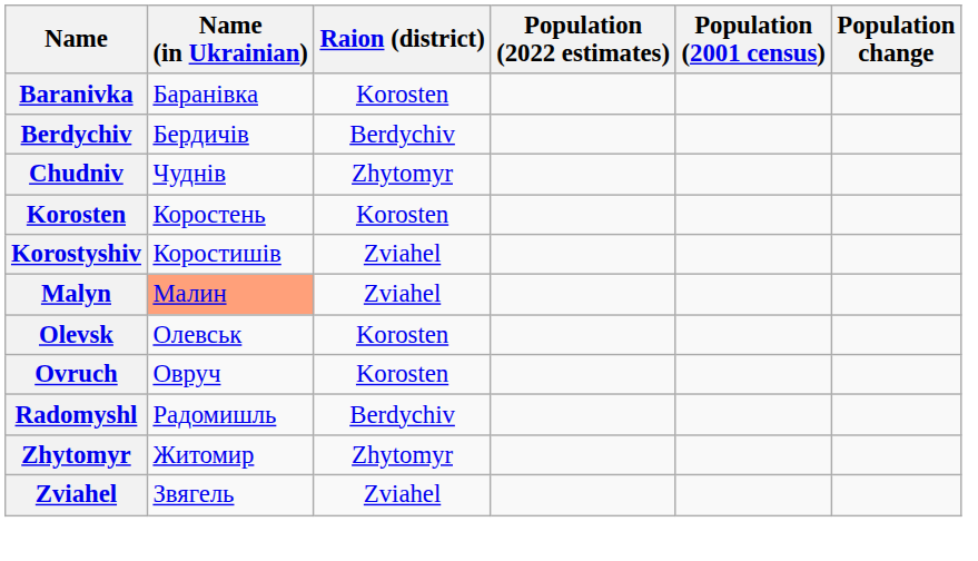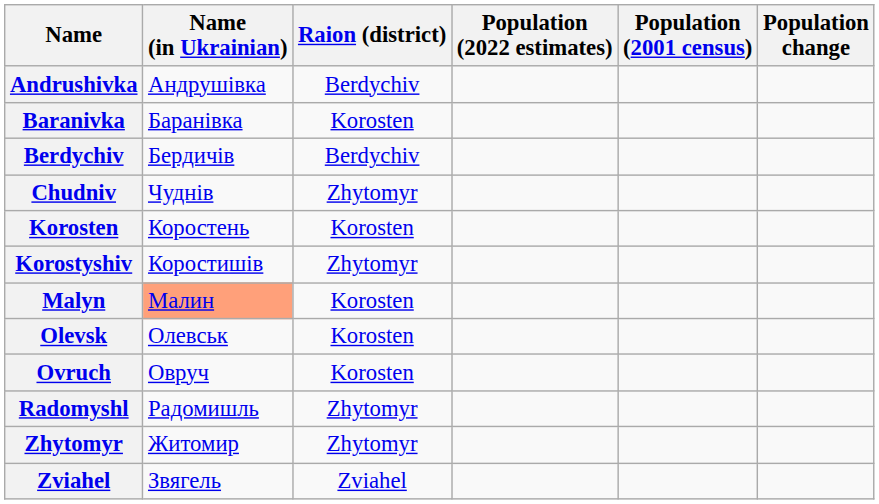 <table class="wikitable sortable" id="Table of cities" caption="Tabulated list of cities in ">
 <tr>
 <th scope="col">Name</th>
 <th scope="col">Name<br>(in <a href='#'>Ukrainian</a>)</th>
 <th scope="col"><a href='#'>Raion</a> (district)</th>
 <th scope="col">Population<br>(2022 estimates)</th>
 <th scope="col">Population<br>(<a href='#'>2001 census</a>)</th>
 <th scope="col">Population<br>change</th>
+</tr>
+<tr>
+<th scope="row" align="left"><a href='#'>Andrushivka</a></th>
+<td><a href='#'>Андрушівка</a></td>
+<td align=center><a href='#'>Berdychiv</a></td>
+<td align=right></td>
+<td align=right></td>
+<td align=right></td>
 </tr>
 <tr>
 <th scope="row" align="left"><a href='#'>Baranivka</a></th>
 <td><a href='#'>Баранівка</a></td>
 <td align=center><a href='#'>Korosten</a></td>
 <td align=right></td>
 <td align=right></td>
 <td align=right></td>
 </tr>
 <tr>
 <th scope="row" align="left"><a href='#'>Berdychiv</a></th>
 <td><a href='#'>Бердичів</a></td>
 <td align=center><a href='#'>Berdychiv</a></td>
 <td align=right></td>
 <td align=right></td>
 <td align=right></td>
 </tr>
 <tr>
 <th scope="row" align="left"><a href='#'>Chudniv</a></th>
 <td><a href='#'>Чуднів</a></td>
 <td align=center><a href='#'>Zhytomyr</a></td>
 <td align=right></td>
 <td align=right></td>
 <td align=right></td>
 </tr>
 <tr>
 <th scope="row" align="left"><a href='#'>Korosten</a></th>
 <td><a href='#'>Коростень</a></td>
 <td align=center><a href='#'>Korosten</a></td>
 <td align=right></td>
 <td align=right></td>
 <td align=right></td>
 </tr>
 <tr>
 <th scope="row" align="left"><a href='#'>Korostyshiv</a></th>
 <td><a href='#'>Коростишів</a></td>
-<td align=center><a href='#'>Zviahel</a></td>
+<td align=center><a href='#'>Zhytomyr</a></td>
 <td align=right></td>
 <td align=right></td>
 <td align=right></td>
 </tr>
 <tr>
 <th scope="row" align="left"><a href='#'>Malyn</a></th>
 <td style="background: lightsalmon;"><a href='#'>Малин</a></td>
-<td align=center><a href='#'>Zviahel</a></td>
+<td align=center><a href='#'>Korosten</a></td>
 <td align=right></td>
 <td align=right></td>
 <td align=right></td>
 </tr>
 <tr>
 <th scope="row" align="left"><a href='#'>Olevsk</a></th>
 <td><a href='#'>Олевськ</a></td>
 <td align=center><a href='#'>Korosten</a></td>
 <td align=right></td>
 <td align=right></td>
 <td align=right></td>
 </tr>
 <tr>
 <th scope="row" align="left"><a href='#'>Ovruch</a></th>
 <td><a href='#'>Овруч</a></td>
 <td align=center><a href='#'>Korosten</a></td>
 <td align=right></td>
 <td align=right></td>
 <td align=right></td>
 </tr>
 <tr>
 <th scope="row" align="left"><a href='#'>Radomyshl</a></th>
 <td><a href='#'>Радомишль</a></td>
-<td align=center><a href='#'>Berdychiv</a></td>
+<td align=center><a href='#'>Zhytomyr</a></td>
 <td align=right></td>
 <td align=right></td>
 <td align=right></td>
 </tr>
 <tr>
 <th scope="row" align="left"><a href='#'>Zhytomyr</a></th>
 <td><a href='#'>Житомир</a></td>
 <td align=center><a href='#'>Zhytomyr</a></td>
 <td align=right></td>
 <td align=right></td>
 <td align=right></td>
 </tr>
 <tr>
 <th scope="row" align="left"><a href='#'>Zviahel</a></th>
 <td><a href='#'>Звягель</a></td>
 <td align=center><a href='#'>Zviahel</a></td>
 <td align=right></td>
 <td align=right></td>
 <td align=right></td>
 </tr>
 </table>
